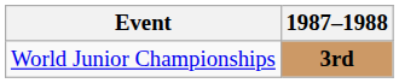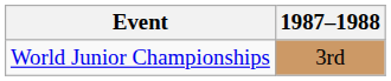 <table class="wikitable" style="text-align:center">
 <tr>
 <th>Event</th>
 <th>1987–1988</th>
 </tr>
 <tr>
 <td align=left><a href='#'>World Junior Championships</a></td>
-<td bgcolor=cc9966><strong>3rd</strong></td>
+<td bgcolor=cc9966>3rd</td>
 </tr>
 </table>
